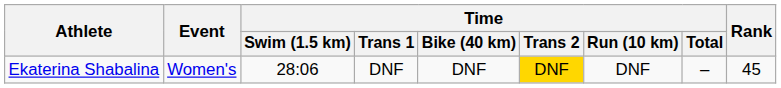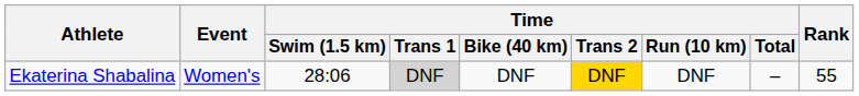 <table class=wikitable style="font-size:90%;text-align:center">
 <tr>
 <th rowspan=2>Athlete</th>
 <th rowspan=2>Event</th>
 <th colspan=6>Time</th>
 <th rowspan=2>Rank</th>
 </tr>
 <tr style="font-size:95%">
 <th>Swim (1.5 km)</th>
 <th>Trans 1</th>
 <th>Bike (40 km)</th>
 <th>Trans 2</th>
 <th>Run (10 km)</th>
 <th>Total</th>
 </tr>
 <tr>
 <td align=left><a href='#'>Ekaterina Shabalina</a></td>
 <td align=left><a href='#'>Women's</a></td>
 <td>28:06</td>
-<td>DNF</td>
+<td style="background: lightgrey;">DNF</td>
 <td>DNF</td>
 <td style="background: gold;">DNF</td>
 <td>DNF</td>
 <td>–</td>
-<td>45</td>
+<td>55</td>
 </tr>
 </table>
